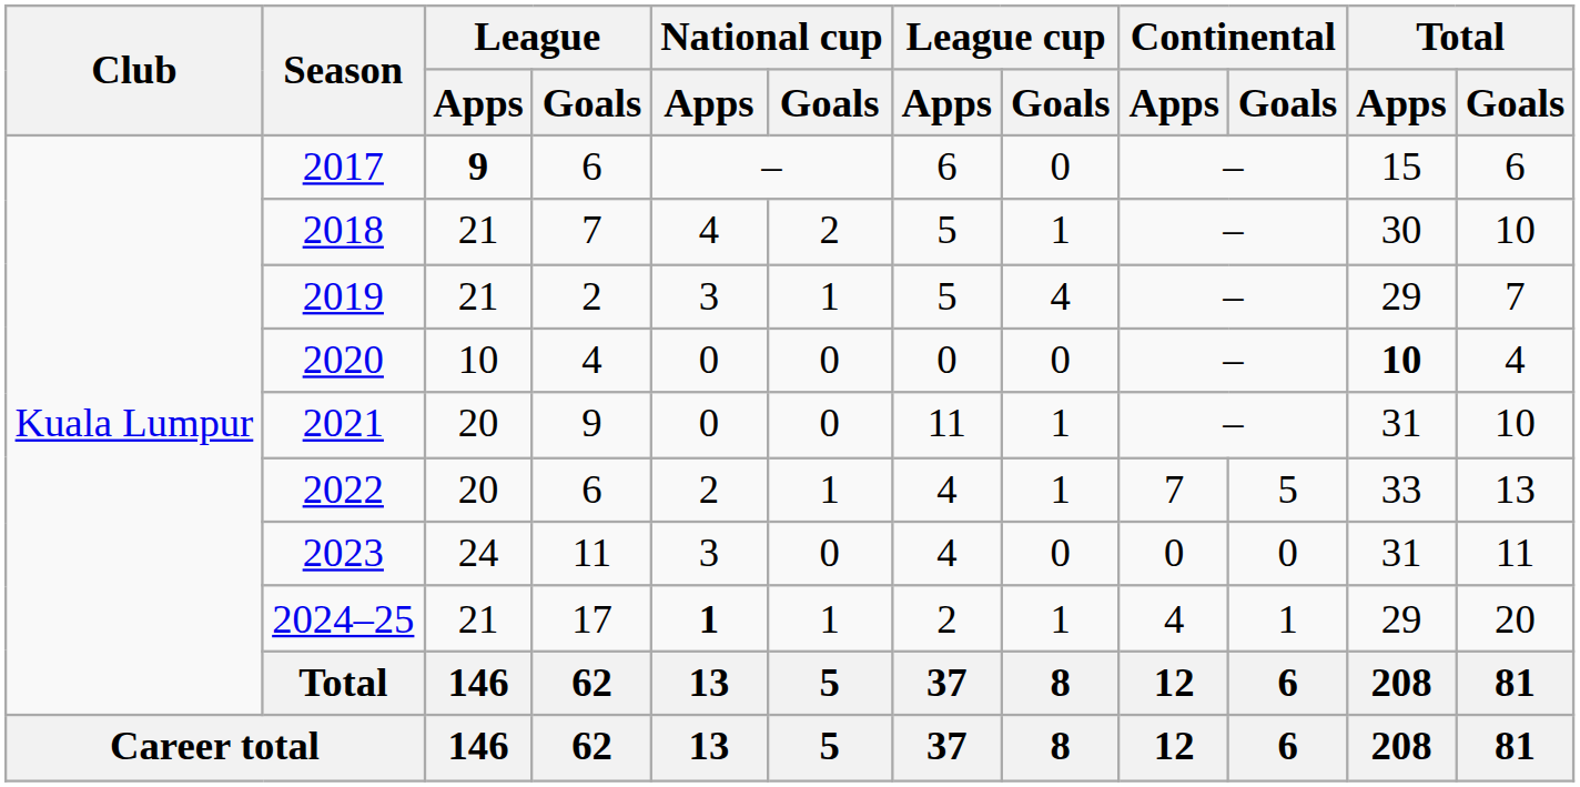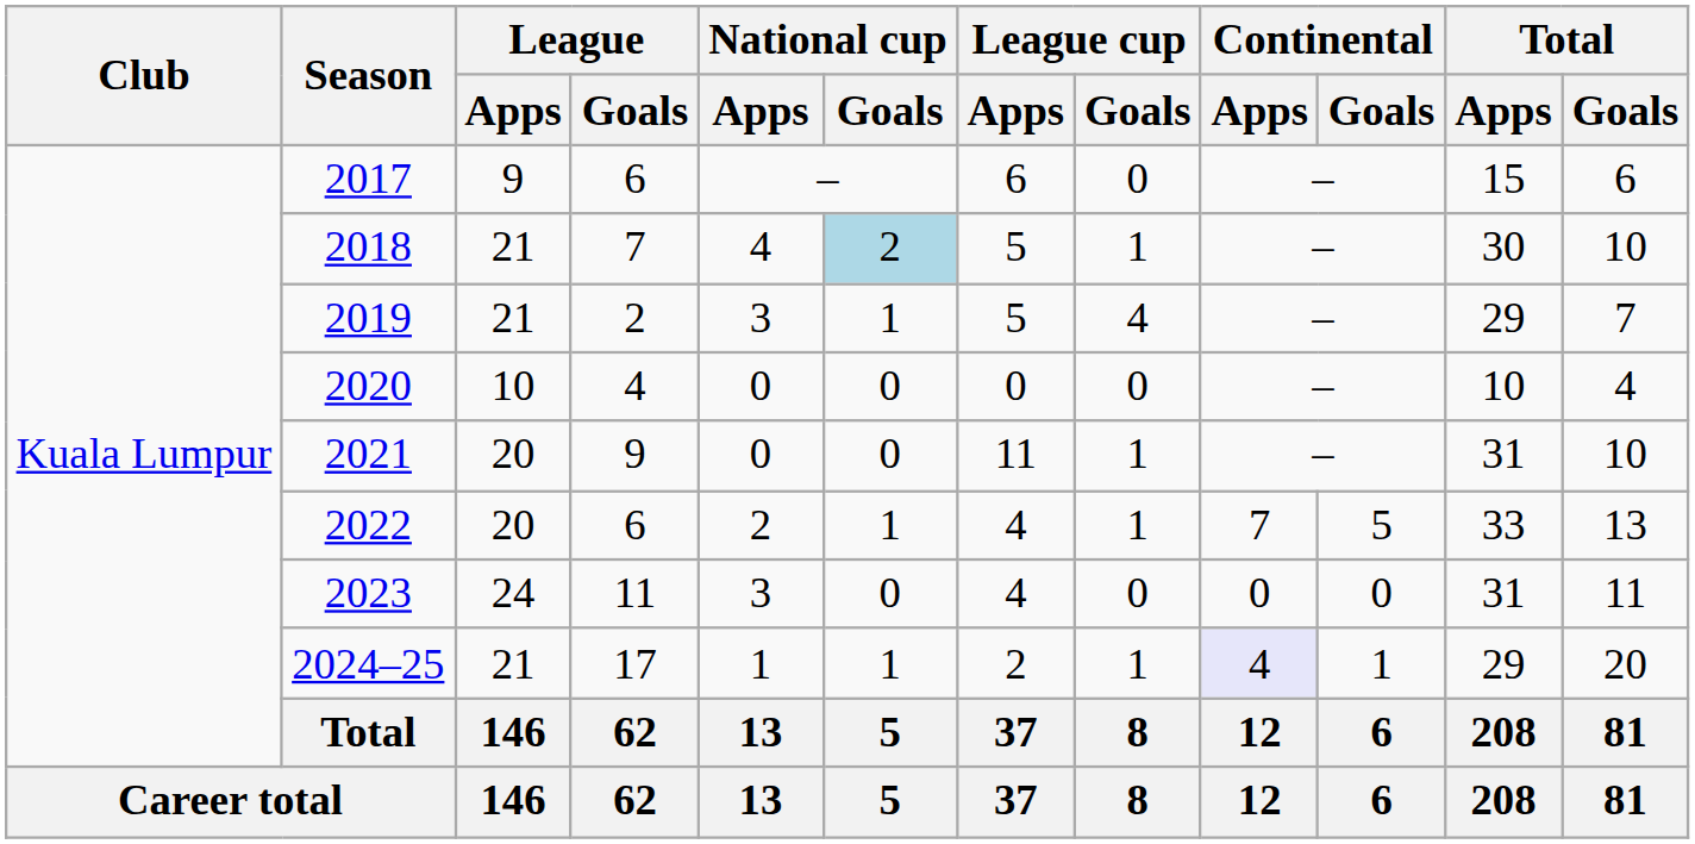 <table class="wikitable" style="text-align:center">
 <tr>
 <th rowspan="2">Club</th>
 <th rowspan="2">Season</th>
 <th colspan="2">League</th>
 <th colspan="2">National cup </th>
 <th colspan="2">League cup </th>
 <th colspan="2">Continental </th>
 <th colspan="2">Total</th>
 </tr>
 <tr>
 <th>Apps</th>
 <th>Goals</th>
 <th>Apps</th>
 <th>Goals</th>
 <th>Apps</th>
 <th>Goals</th>
 <th>Apps</th>
 <th>Goals</th>
 <th>Apps</th>
 <th>Goals</th>
 </tr>
 <tr>
 <td rowspan="9"><a href='#'>Kuala Lumpur</a></td>
 <td><a href='#'>2017</a></td>
-<td><strong>9</strong></td>
+<td>9</td>
 <td>6</td>
 <td colspan="2">–</td>
 <td>6</td>
 <td>0</td>
 <td colspan="2">–</td>
 <td>15</td>
 <td>6</td>
 </tr>
 <tr>
 <td><a href='#'>2018</a></td>
 <td>21</td>
 <td>7</td>
 <td>4</td>
-<td>2</td>
+<td style="background: lightblue;">2</td>
 <td>5</td>
 <td>1</td>
 <td colspan="2">–</td>
 <td>30</td>
 <td>10</td>
 </tr>
 <tr>
 <td><a href='#'>2019</a></td>
 <td>21</td>
 <td>2</td>
 <td>3</td>
 <td>1</td>
 <td>5</td>
 <td>4</td>
 <td colspan="2">–</td>
 <td>29</td>
 <td>7</td>
 </tr>
 <tr>
 <td><a href='#'>2020</a></td>
 <td>10</td>
 <td>4</td>
 <td>0</td>
 <td>0</td>
 <td>0</td>
 <td>0</td>
 <td colspan="2">–</td>
-<td><strong>10</strong></td>
+<td>10</td>
 <td>4</td>
 </tr>
 <tr>
 <td><a href='#'>2021</a></td>
 <td>20</td>
 <td>9</td>
 <td>0</td>
 <td>0</td>
 <td>11</td>
 <td>1</td>
 <td colspan="2">–</td>
 <td>31</td>
 <td>10</td>
 </tr>
 <tr>
 <td><a href='#'>2022</a></td>
 <td>20</td>
 <td>6</td>
 <td>2</td>
 <td>1</td>
 <td>4</td>
 <td>1</td>
 <td>7</td>
 <td>5</td>
 <td>33</td>
 <td>13</td>
 </tr>
 <tr>
 <td><a href='#'>2023</a></td>
 <td>24</td>
 <td>11</td>
 <td>3</td>
 <td>0</td>
 <td>4</td>
 <td>0</td>
 <td>0</td>
 <td>0</td>
 <td>31</td>
 <td>11</td>
 </tr>
 <tr>
 <td><a href='#'>2024–25</a></td>
 <td>21</td>
 <td>17</td>
-<td><strong>1</strong></td>
+<td>1</td>
 <td>1</td>
 <td>2</td>
 <td>1</td>
-<td>4</td>
+<td style="background: lavender;">4</td>
 <td>1</td>
 <td>29</td>
 <td>20</td>
 </tr>
 <tr>
 <th>Total</th>
 <th>146</th>
 <th>62</th>
 <th>13</th>
 <th>5</th>
 <th>37</th>
 <th>8</th>
 <th>12</th>
 <th>6</th>
 <th>208</th>
 <th>81</th>
 </tr>
 <tr>
 <th colspan="2">Career total</th>
 <th>146</th>
 <th>62</th>
 <th>13</th>
 <th>5</th>
 <th>37</th>
 <th>8</th>
 <th>12</th>
 <th>6</th>
 <th>208</th>
 <th>81</th>
 </tr>
 </table>
